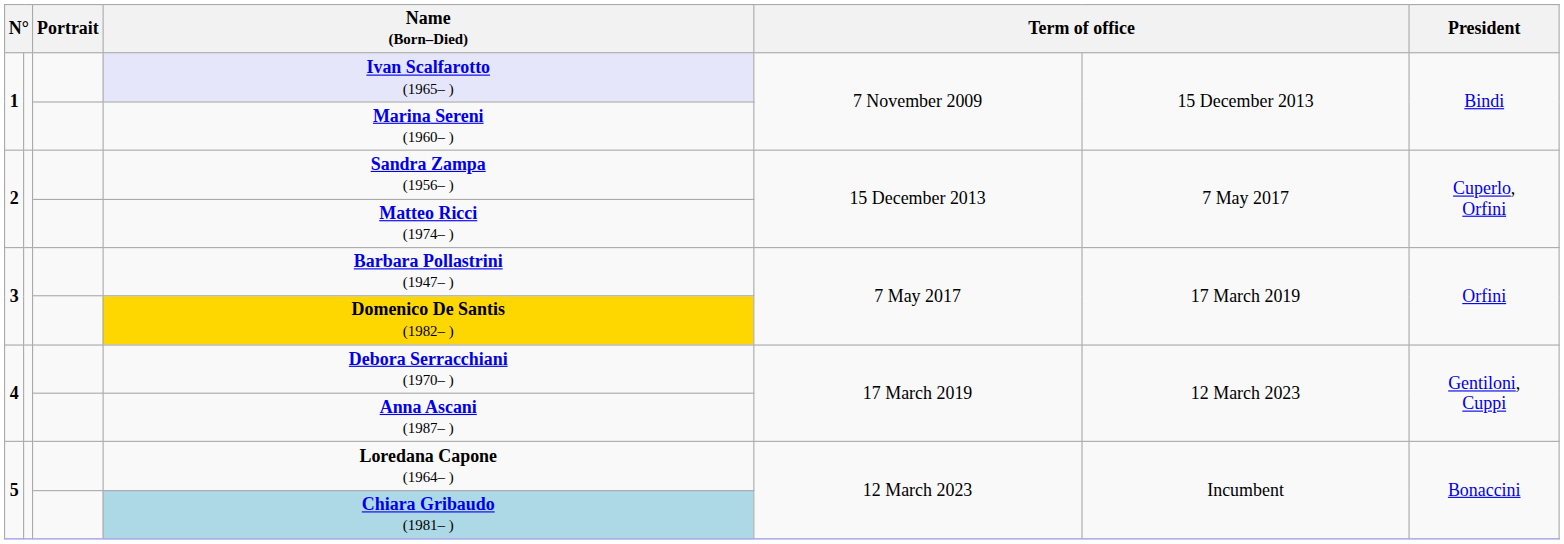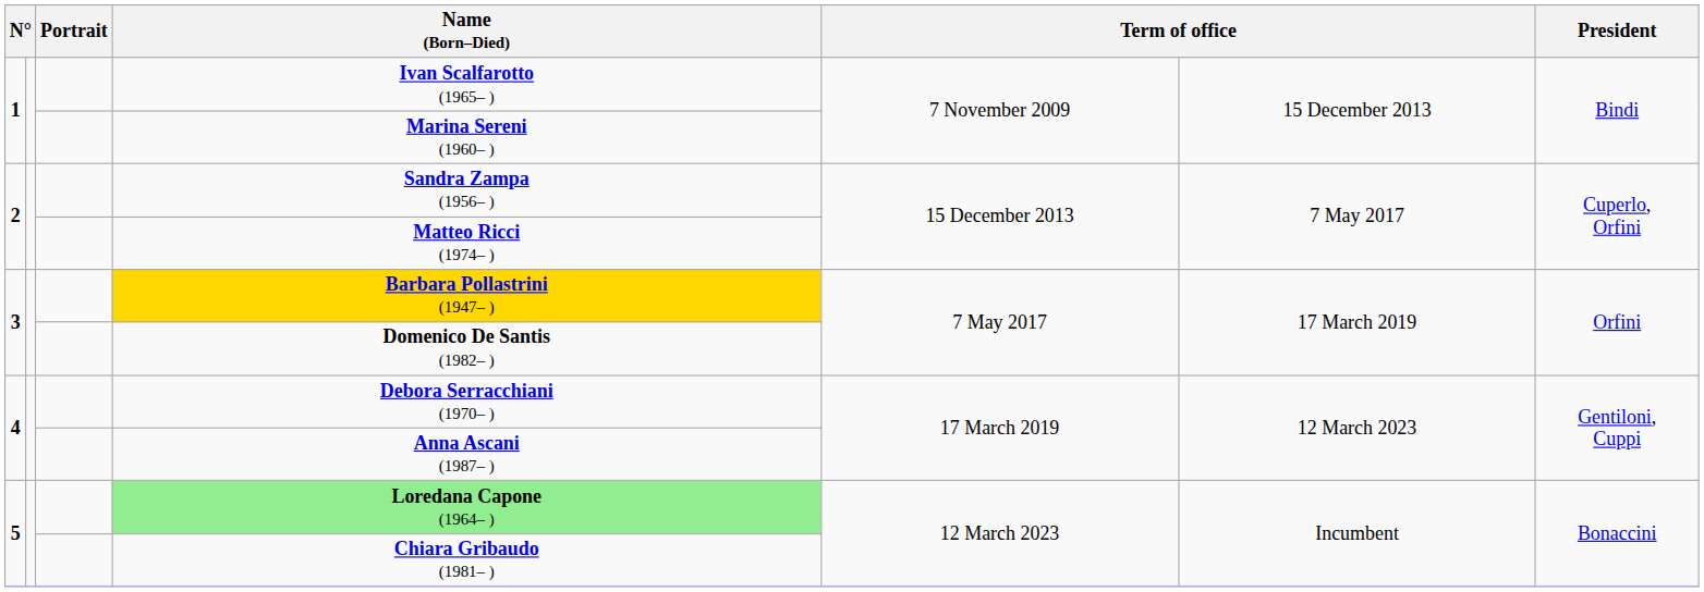 <table class="wikitable" style="text-align:center; width:70%; border:1px #AAAAFF solid">
 <tr>
 <th colspan="2">N°</th>
 <th width=85px>Portrait</th>
 <th width=45%>Name<br><small>(Born–Died)</small></th>
 <th width=45% colspan=2>Term of office</th>
 <th width=15%>President</th>
 </tr>
 <tr>
 <td rowspan=2><strong>1</strong></td>
 <td rowspan=2 style="background:"></td>
 <td></td>
-<td style="background: lavender;"><strong><a href='#'>Ivan Scalfarotto</a></strong><br><small>(1965– )</small></td>
+<td><strong><a href='#'>Ivan Scalfarotto</a></strong><br><small>(1965– )</small></td>
 <td rowspan=2>7 November 2009</td>
 <td rowspan=2>15 December 2013</td>
 <td rowspan=2><a href='#'>Bindi</a></td>
 </tr>
 <tr>
 <td></td>
 <td><strong><a href='#'>Marina Sereni</a></strong><br><small>(1960– )</small></td>
 </tr>
 <tr>
 <td rowspan=2><strong>2</strong></td>
 <td rowspan=2 style="background: "></td>
 <td></td>
 <td><strong><a href='#'>Sandra Zampa</a></strong><br><small>(1956– )</small></td>
 <td rowspan=2>15 December 2013</td>
 <td rowspan=2>7 May 2017</td>
 <td rowspan=2><a href='#'>Cuperlo</a>,<br><a href='#'>Orfini</a></td>
 </tr>
 <tr>
 <td></td>
 <td><strong><a href='#'>Matteo Ricci</a></strong><br><small>(1974– )</small></td>
 </tr>
 <tr>
 <td rowspan=2><strong>3</strong></td>
 <td rowspan=2 style="background: "></td>
 <td></td>
-<td><strong><a href='#'>Barbara Pollastrini</a></strong><br><small>(1947– )</small></td>
+<td style="background: gold;"><strong><a href='#'>Barbara Pollastrini</a></strong><br><small>(1947– )</small></td>
 <td rowspan=2>7 May 2017</td>
 <td rowspan=2>17 March 2019</td>
 <td rowspan=2><a href='#'>Orfini</a></td>
 </tr>
 <tr>
 <td></td>
-<td style="background: gold;"><strong>Domenico De Santis</strong><br><small>(1982– )</small></td>
+<td><strong>Domenico De Santis</strong><br><small>(1982– )</small></td>
 </tr>
 <tr>
 <td rowspan=2><strong>4</strong></td>
 <td rowspan=2 style="background: "></td>
 <td></td>
 <td><strong><a href='#'>Debora Serracchiani</a></strong><br><small>(1970– )</small></td>
 <td rowspan=2>17 March 2019</td>
 <td rowspan=2>12 March 2023</td>
 <td rowspan=2><a href='#'>Gentiloni</a>,<br><a href='#'>Cuppi</a></td>
 </tr>
 <tr>
 <td></td>
 <td><strong><a href='#'>Anna Ascani</a></strong><br><small>(1987– )</small></td>
 </tr>
 <tr>
 <td rowspan=2><strong>5</strong></td>
 <td rowspan=2 style="background: "></td>
 <td></td>
-<td><strong>Loredana Capone</strong><br><small>(1964– )</small></td>
+<td style="background: lightgreen;"><strong>Loredana Capone</strong><br><small>(1964– )</small></td>
 <td rowspan=2>12 March 2023</td>
 <td rowspan=2>Incumbent</td>
 <td rowspan=2><a href='#'>Bonaccini</a></td>
 </tr>
 <tr>
 <td></td>
-<td style="background: lightblue;"><strong><a href='#'>Chiara Gribaudo</a></strong><br><small>(1981– )</small></td>
+<td><strong><a href='#'>Chiara Gribaudo</a></strong><br><small>(1981– )</small></td>
 </tr>
 <tr>
 </tr>
 </table>
